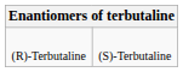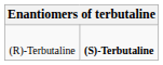 <table class="wikitable" style="text-align:center">
 <tr class="hintergrundfarbe6">
 <th colspan="2">Enantiomers of terbutaline</th>
 </tr>
 <tr>
 <td><br><small>(R)-Terbutaline</small></td>
-<td><br><small>(S)-Terbutaline</small></td>
+<td><strong><br><small>(S)-Terbutaline</small></strong></td>
 </tr>
 </table>
